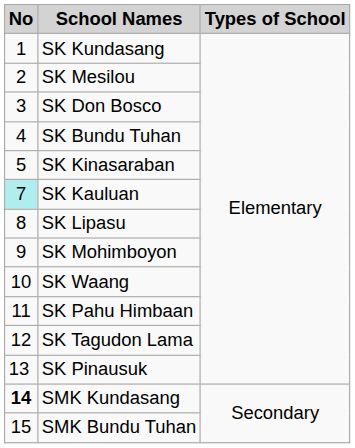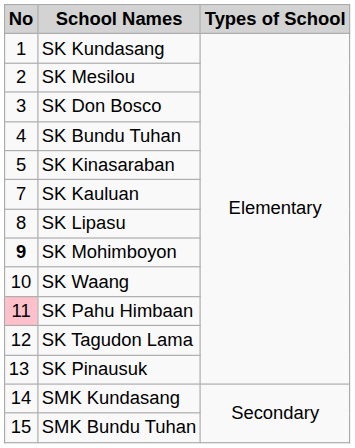 <table class="wikitable">
 <tr>
 <th style="background-color:#D3D3D3;">No</th>
 <th style="background-color:#D3D3D3;">School Names</th>
 <th style="background-color:#D3D3D3;">Types of School</th>
 </tr>
 <tr>
 <td style="text-align: center;">1</td>
 <td>SK Kundasang</td>
 <td rowspan="12" style="text-align: center;">Elementary</td>
 </tr>
 <tr>
 <td style="text-align: center;">2</td>
 <td>SK Mesilou</td>
 </tr>
 <tr>
 <td style="text-align: center;">3</td>
 <td>SK Don Bosco</td>
 </tr>
 <tr>
 <td style="text-align: center;">4</td>
 <td>SK Bundu Tuhan</td>
 </tr>
 <tr>
 <td style="text-align: center;">5</td>
 <td>SK Kinasaraban</td>
 </tr>
 <tr>
-<td style="background: paleturquoise; text-align: center;">7</td>
+<td style="text-align: center;">7</td>
 <td>SK Kauluan</td>
 </tr>
 <tr>
 <td style="text-align: center;">8</td>
 <td>SK Lipasu</td>
 </tr>
 <tr>
-<td style="text-align: center;">9</td>
+<td style="text-align: center;"><strong>9</strong></td>
 <td>SK Mohimboyon</td>
 </tr>
 <tr>
 <td style="text-align: center;">10</td>
 <td>SK Waang</td>
 </tr>
 <tr>
-<td style="text-align: center;">11</td>
+<td style="background: pink; text-align: center;">11</td>
 <td>SK Pahu Himbaan</td>
 </tr>
 <tr>
 <td style="text-align: center;">12</td>
 <td>SK Tagudon Lama</td>
 </tr>
 <tr>
 <td>13</td>
 <td>SK Pinausuk</td>
 </tr>
 <tr>
-<td style="text-align: center;"><strong>14</strong></td>
+<td style="text-align: center;">14</td>
 <td>SMK Kundasang</td>
 <td rowspan="2" style="text-align: center;">Secondary</td>
 </tr>
 <tr>
 <td style="text-align: center;">15</td>
 <td>SMK Bundu Tuhan</td>
 </tr>
 </table>
